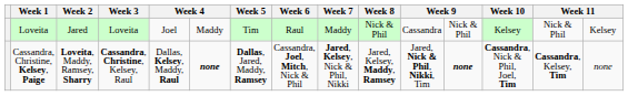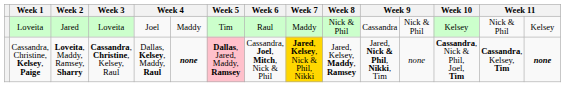 <table class="wikitable" style="width:100%; text-align:center; font-size:85%; line-height:13px;">
 <tr>
 <th style="width:1%"></th>
 <th style="width:7%">Week 1</th>
 <th style="width:7%">Week 2</th>
 <th style="width:7%">Week 3</th>
 <th colspan="2" style="width:14%">Week 4</th>
 <th style="width:7%">Week 5</th>
 <th style="width:7%">Week 6</th>
 <th style="width:7%">Week 7</th>
 <th style="width:7%">Week 8</th>
 <th colspan="2" style="width:14%">Week 9</th>
 <th style="width:7%">Week 10</th>
 <th colspan="2" style="width:14%">Week 11</th>
 </tr>
 <tr>
 <th></th>
 <td style="background:#cfc">Loveita</td>
 <td style="background:#cfc">Jared</td>
 <td style="background:#cfc">Loveita</td>
 <td style="width:7%" style="background:#cfc">Joel</td>
 <td style="width:7%" style="background:#cfc">Maddy</td>
 <td style="background:#cfc">Tim</td>
 <td style="background:#cfc">Raul</td>
 <td style="background:#cfc">Maddy</td>
 <td style="background:#cfc">Nick & Phil</td>
 <td style="width:7%" style="background:#cfc">Cassandra</td>
 <td style="width:7%" style="background:#cfc">Nick & Phil</td>
 <td style="background:#cfc">Kelsey</td>
 <td style="width:7%" style="background:#cfc">Nick & Phil</td>
 <td style="width:7%" style="background:#cfc">Kelsey</td>
 </tr>
 <tr>
 <th></th>
 <td>Cassandra,<br>Christine,<br><strong>Kelsey</strong>,<br><strong>Paige</strong></td>
 <td><strong>Loveita</strong>,<br>Maddy,<br>Ramsey,<br><strong>Sharry</strong></td>
 <td><strong>Cassandra</strong>,<br><strong>Christine</strong>,<br>Kelsey,<br>Raul</td>
 <td>Dallas,<br><strong>Kelsey</strong>,<br>Maddy,<br><strong>Raul</strong></td>
 <td><strong><em>none</em></strong></td>
-<td><strong>Dallas</strong>,<br>Jared,<br>Maddy,<br><strong>Ramsey</strong></td>
+<td style="background: pink;"><strong>Dallas</strong>,<br>Jared,<br>Maddy,<br><strong>Ramsey</strong></td>
 <td>Cassandra,<br><strong>Joel</strong>,<br><strong>Mitch</strong>,<br>Nick & Phil</td>
-<td><strong>Jared</strong>,<br><strong>Kelsey</strong>,<br>Nick & Phil,<br>Nikki</td>
+<td style="background: gold;"><strong>Jared</strong>,<br><strong>Kelsey</strong>,<br>Nick & Phil,<br>Nikki</td>
 <td>Jared,<br>Kelsey,<br><strong>Maddy</strong>,<br><strong>Ramsey</strong></td>
 <td>Jared,<br><strong>Nick & Phil</strong>,<br><strong>Nikki</strong>,<br>Tim</td>
-<td><strong><em>none</em></strong></td>
+<td><em>none</em></td>
 <td><strong>Cassandra</strong>,<br>Nick & Phil,<br>Joel,<br><strong>Tim</strong><br></td>
 <td><strong>Cassandra</strong>,<br>Kelsey,<br><strong>Tim</strong></td>
-<td><em>none</em></td>
+<td><strong><em>none</em></strong></td>
 </tr>
 </table>
